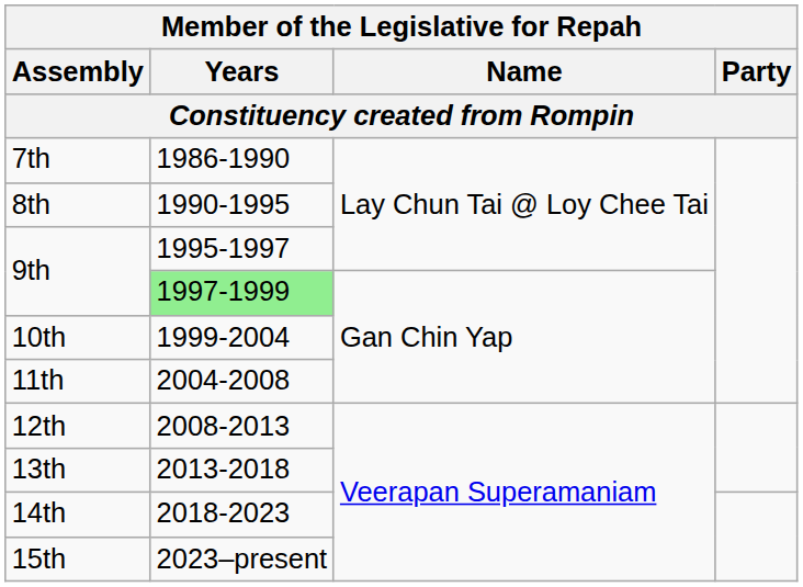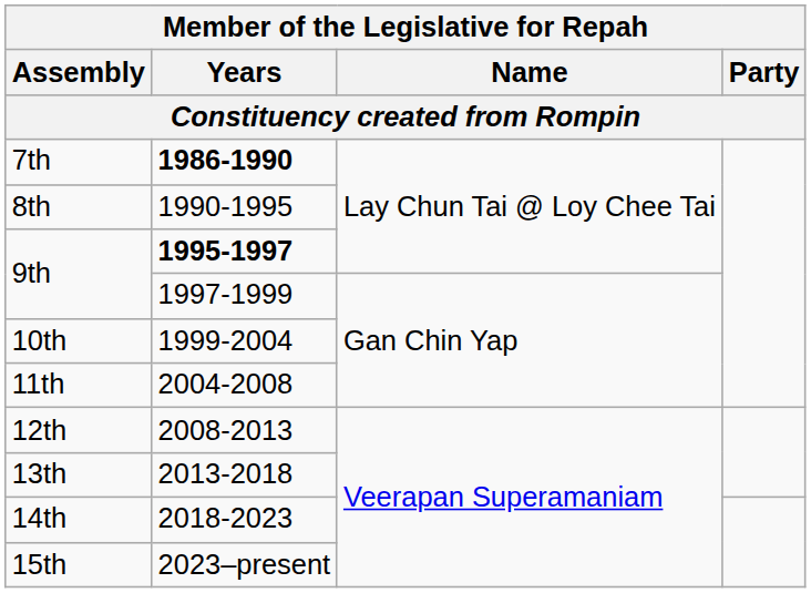 <table class="wikitable">
 <tr>
 <th colspan="4">Member of the Legislative for Repah</th>
 </tr>
 <tr>
 <th>Assembly</th>
 <th>Years</th>
 <th>Name</th>
 <th>Party</th>
 </tr>
 <tr>
 <th colspan="4" align="center"><em>Constituency created from Rompin</em></th>
 </tr>
 <tr>
 <td>7th</td>
-<td>1986-1990</td>
+<td><strong>1986-1990</strong></td>
 <td rowspan="3">Lay Chun Tai @ Loy Chee Tai</td>
 <td rowspan="6"></td>
 </tr>
 <tr>
 <td>8th</td>
 <td>1990-1995</td>
 </tr>
 <tr>
 <td rowspan="2">9th</td>
-<td>1995-1997</td>
+<td><strong>1995-1997</strong></td>
 </tr>
 <tr>
-<td style="background: lightgreen;">1997-1999</td>
+<td>1997-1999</td>
 <td rowspan="3">Gan Chin Yap</td>
 </tr>
 <tr>
 <td>10th</td>
 <td>1999-2004</td>
 </tr>
 <tr>
 <td>11th</td>
 <td>2004-2008</td>
 </tr>
 <tr>
 <td>12th</td>
 <td>2008-2013</td>
 <td rowspan="4"><a href='#'>Veerapan Superamaniam</a></td>
 <td rowspan="2"></td>
 </tr>
 <tr>
 <td>13th</td>
 <td>2013-2018</td>
 </tr>
 <tr>
 <td>14th</td>
 <td>2018-2023</td>
 <td rowspan=2></td>
 </tr>
 <tr>
 <td>15th</td>
 <td>2023–present</td>
 </tr>
 </table>
